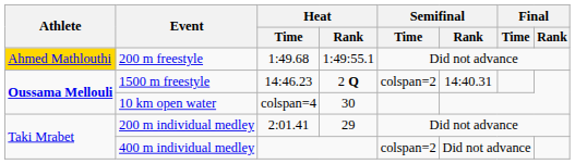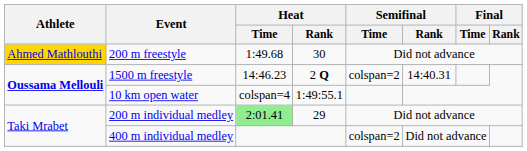 <table class=wikitable style="font-size:90%">
 <tr>
 <th rowspan="2">Athlete</th>
 <th rowspan="2">Event</th>
 <th colspan="2">Heat</th>
 <th colspan="2">Semifinal</th>
 <th colspan="2">Final</th>
 </tr>
 <tr style="font-size:95%">
 <th>Time</th>
 <th>Rank</th>
 <th>Time</th>
 <th>Rank</th>
 <th>Time</th>
 <th>Rank</th>
 </tr>
 <tr align=center>
 <td align=left style="background: gold;"><a href='#'>Ahmed Mathlouthi</a></td>
 <td align=left><a href='#'>200 m freestyle</a></td>
 <td>1:49.68</td>
-<td>1:49:55.1</td>
+<td>30</td>
 <td colspan=4>Did not advance</td>
 </tr>
 <tr align=center>
 <td align=left rowspan=2><strong><a href='#'>Oussama Mellouli</a></strong></td>
 <td align=left><a href='#'>1500 m freestyle</a></td>
 <td>14:46.23</td>
 <td>2 <strong>Q</strong></td>
 <td>colspan=2 </td>
 <td>14:40.31</td>
 <td></td>
 </tr>
 <tr align=center>
 <td align=left><a href='#'>10 km open water</a></td>
 <td>colspan=4 </td>
-<td>30</td>
+<td>1:49:55.1</td>
 <td></td>
 </tr>
 <tr align=center>
 <td align=left rowspan=2><a href='#'>Taki Mrabet</a></td>
 <td align=left><a href='#'>200 m individual medley</a></td>
-<td>2:01.41</td>
+<td style="background: lightgreen;">2:01.41</td>
 <td>29</td>
 <td colspan=4>Did not advance</td>
 </tr>
 <tr align=center>
 <td align=left><a href='#'>400 m individual medley</a></td>
 <td colspan=2></td>
 <td>colspan=2 </td>
 <td colspan=2>Did not advance</td>
 </tr>
 </table>
